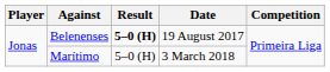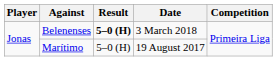 <table class="wikitable">
 <tr>
 <th>Player</th>
 <th>Against</th>
 <th>Result</th>
 <th>Date</th>
 <th>Competition</th>
 </tr>
 <tr>
 <td rowspan="2"> <a href='#'>Jonas</a></td>
 <td><a href='#'>Belenenses</a></td>
 <td align=center><strong>5–0 (H)</strong></td>
-<td>19 August 2017</td>
+<td>3 March 2018</td>
 <td rowspan="2" align=center><a href='#'>Primeira Liga</a></td>
 </tr>
 <tr>
 <td><a href='#'>Marítimo</a></td>
 <td align=center>5–0 (H)</td>
-<td>3 March 2018</td>
+<td>19 August 2017</td>
 </tr>
 </table>
